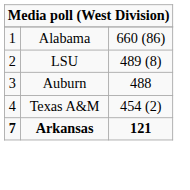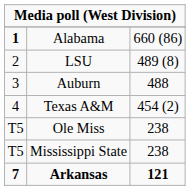 <table class="wikitable" style="display: inline-table;">
 <tr>
 <td align="center" Colspan="3"><strong>Media poll (West Division)</strong></td>
 </tr>
 <tr align="center">
 </tr>
 <tr align="center">
-<td>1</td>
+<td><strong>1</strong></td>
 <td>Alabama</td>
 <td>660 (86)</td>
 </tr>
 <tr align="center">
 <td>2</td>
 <td>LSU</td>
 <td>489 (8)</td>
 </tr>
 <tr align="center">
 <td>3</td>
 <td>Auburn</td>
 <td>488</td>
 </tr>
 <tr align="center">
 <td>4</td>
 <td>Texas A&M</td>
 <td>454 (2)</td>
 </tr>
 <tr align="center">
+<td>T5</td>
+<td>Ole Miss</td>
+<td>238</td>
+</tr>
+<tr align="center">
+<td>T5</td>
+<td>Mississippi State</td>
+<td>238</td>
+</tr>
+<tr align="center">
 <td><strong>7</strong></td>
 <td><strong>Arkansas</strong></td>
 <td><strong>121</strong></td>
 </tr>
 </table>
